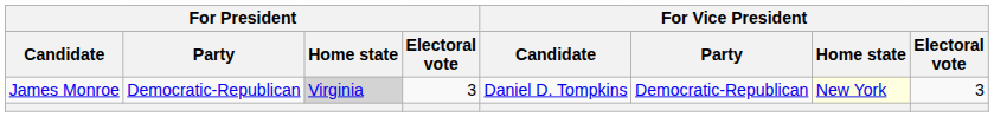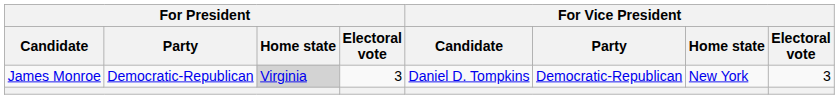 <table class=wikitable>
 <tr>
 <th colspan=4>For President</th>
 <th colspan=4>For Vice President</th>
 </tr>
 <tr>
 <th>Candidate</th>
 <th>Party</th>
 <th>Home state</th>
 <th>Electoral<br>vote</th>
 <th>Candidate</th>
 <th>Party</th>
 <th>Home state</th>
 <th>Electoral<br>vote</th>
 </tr>
 <tr>
 <td><a href='#'>James Monroe</a></td>
 <td><a href='#'>Democratic-Republican</a></td>
 <td style="background: lightgrey;"><a href='#'>Virginia</a></td>
 <td align=right>3</td>
 <td><a href='#'>Daniel D. Tompkins</a></td>
 <td><a href='#'>Democratic-Republican</a></td>
-<td style="background: lightyellow;"><a href='#'>New York</a></td>
+<td><a href='#'>New York</a></td>
 <td align=right>3</td>
 </tr>
 <tr>
 <th colspan=3></th>
 <th></th>
 <th colspan=3></th>
 <th></th>
 </tr>
 </table>
